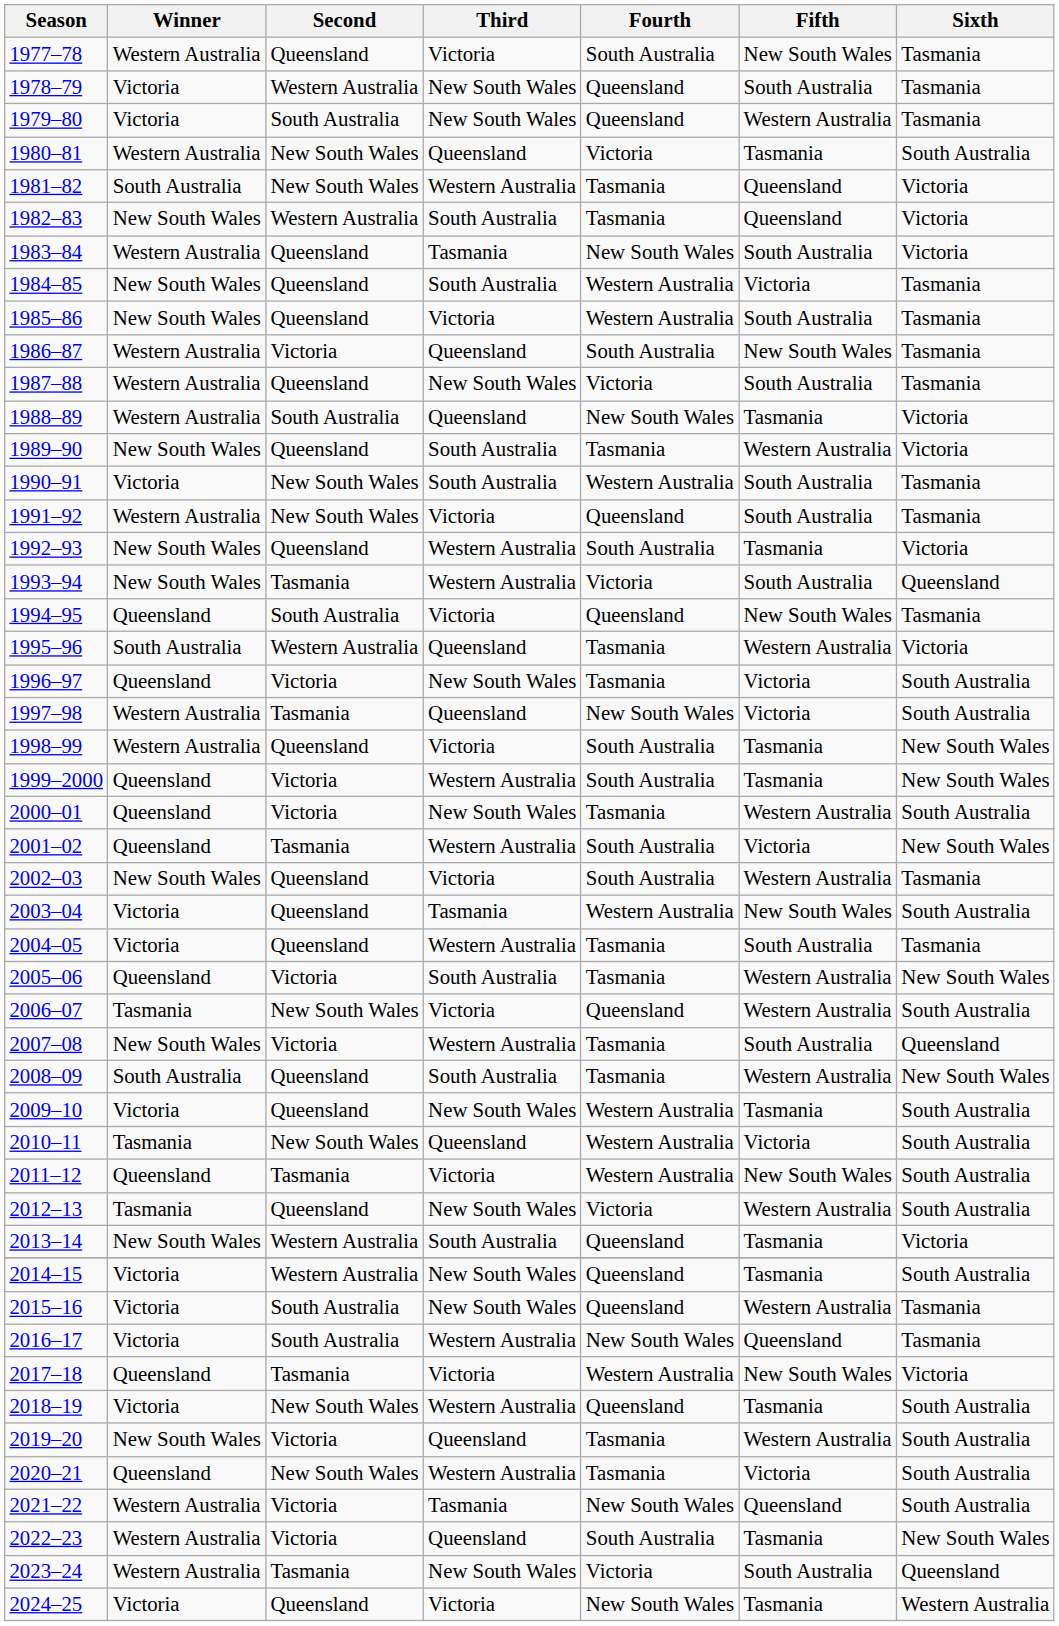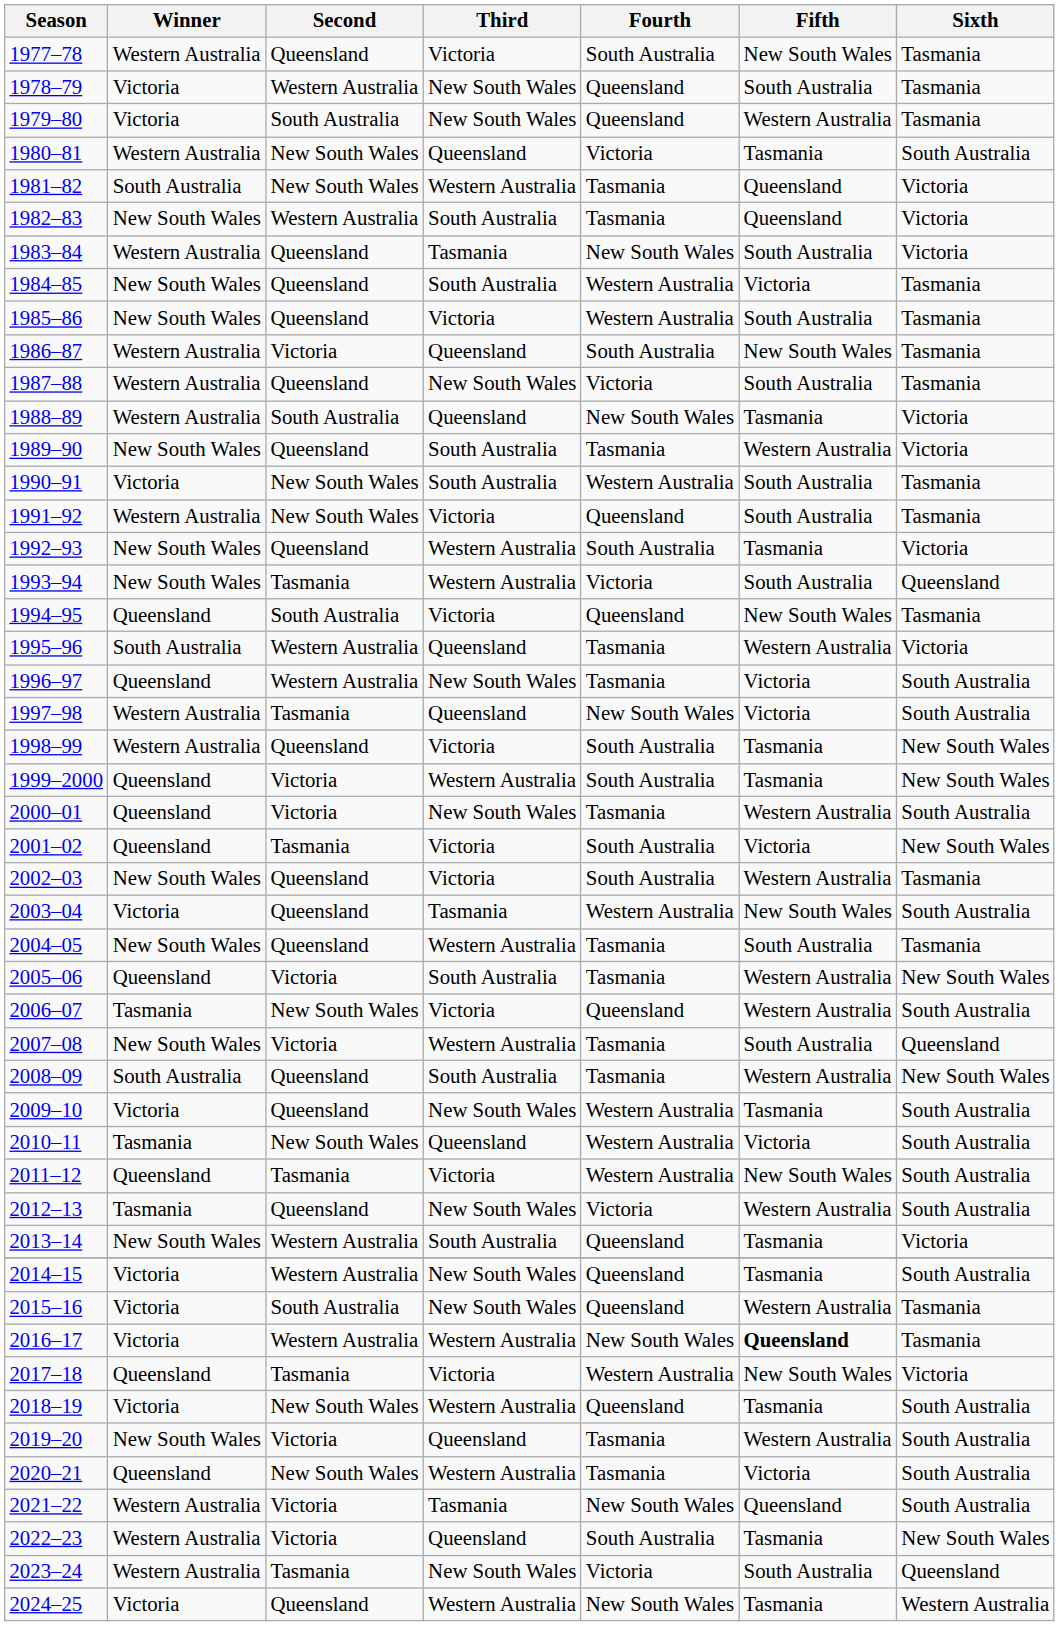 <table class="wikitable">
 <tr style="background:#efefef;">
 <th>Season</th>
 <th>Winner</th>
 <th>Second</th>
 <th>Third</th>
 <th>Fourth</th>
 <th>Fifth</th>
 <th>Sixth</th>
 </tr>
 <tr>
 <td><a href='#'>1977–78</a></td>
 <td style="background-color:#">Western Australia</td>
 <td style="background-color:#">Queensland</td>
 <td style="background-color:#">Victoria</td>
 <td style="background-color:#">South Australia</td>
 <td style="background-color:#">New South Wales</td>
 <td style="background-color:#">Tasmania</td>
 </tr>
 <tr>
 <td><a href='#'>1978–79</a></td>
 <td style="background-color:#">Victoria</td>
 <td style="background-color:#">Western Australia</td>
 <td style="background-color:#">New South Wales</td>
 <td style="background-color:#">Queensland</td>
 <td style="background-color:#">South Australia</td>
 <td style="background-color:#">Tasmania</td>
 </tr>
 <tr>
 <td><a href='#'>1979–80</a></td>
 <td style="background-color:#">Victoria</td>
 <td style="background-color:#">South Australia</td>
 <td style="background-color:#">New South Wales</td>
 <td style="background-color:#">Queensland</td>
 <td style="background-color:#">Western Australia</td>
 <td style="background-color:#">Tasmania</td>
 </tr>
 <tr>
 <td><a href='#'>1980–81</a></td>
 <td style="background-color:#">Western Australia</td>
 <td style="background-color:#">New South Wales</td>
 <td style="background-color:#">Queensland</td>
 <td style="background-color:#">Victoria</td>
 <td style="background-color:#">Tasmania</td>
 <td style="background-color:#">South Australia</td>
 </tr>
 <tr>
 <td><a href='#'>1981–82</a></td>
 <td style="background-color:#">South Australia</td>
 <td style="background-color:#">New South Wales</td>
 <td style="background-color:#">Western Australia</td>
 <td style="background-color:#">Tasmania</td>
 <td style="background-color:#">Queensland</td>
 <td style="background-color:#">Victoria</td>
 </tr>
 <tr>
 <td><a href='#'>1982–83</a></td>
 <td style="background-color:#">New South Wales</td>
 <td style="background-color:#">Western Australia</td>
 <td style="background-color:#">South Australia</td>
 <td style="background-color:#">Tasmania</td>
 <td style="background-color:#">Queensland</td>
 <td style="background-color:#">Victoria</td>
 </tr>
 <tr>
 <td><a href='#'>1983–84</a></td>
 <td style="background-color:#">Western Australia</td>
 <td style="background-color:#">Queensland</td>
 <td style="background-color:#">Tasmania</td>
 <td style="background-color:#">New South Wales</td>
 <td style="background-color:#">South Australia</td>
 <td style="background-color:#">Victoria</td>
 </tr>
 <tr>
 <td><a href='#'>1984–85</a></td>
 <td style="background-color:#">New South Wales</td>
 <td style="background-color:#">Queensland</td>
 <td style="background-color:#">South Australia</td>
 <td style="background-color:#">Western Australia</td>
 <td style="background-color:#">Victoria</td>
 <td style="background-color:#">Tasmania</td>
 </tr>
 <tr>
 <td><a href='#'>1985–86</a></td>
 <td style="background-color:#">New South Wales</td>
 <td style="background-color:#">Queensland</td>
 <td style="background-color:#">Victoria</td>
 <td style="background-color:#">Western Australia</td>
 <td style="background-color:#">South Australia</td>
 <td style="background-color:#">Tasmania</td>
 </tr>
 <tr>
 <td><a href='#'>1986–87</a></td>
 <td style="background-color:#">Western Australia</td>
 <td style="background-color:#">Victoria</td>
 <td style="background-color:#">Queensland</td>
 <td style="background-color:#">South Australia</td>
 <td style="background-color:#">New South Wales</td>
 <td style="background-color:#">Tasmania</td>
 </tr>
 <tr>
 <td><a href='#'>1987–88</a></td>
 <td style="background-color:#">Western Australia</td>
 <td style="background-color:#">Queensland</td>
 <td style="background-color:#">New South Wales</td>
 <td style="background-color:#">Victoria</td>
 <td style="background-color:#">South Australia</td>
 <td style="background-color:#">Tasmania</td>
 </tr>
 <tr>
 <td><a href='#'>1988–89</a></td>
 <td style="background-color:#">Western Australia</td>
 <td style="background-color:#">South Australia</td>
 <td style="background-color:#">Queensland</td>
 <td style="background-color:#">New South Wales</td>
 <td style="background-color:#">Tasmania</td>
 <td style="background-color:#">Victoria</td>
 </tr>
 <tr>
 <td><a href='#'>1989–90</a></td>
 <td style="background-color:#">New South Wales</td>
 <td style="background-color:#">Queensland</td>
 <td style="background-color:#">South Australia</td>
 <td style="background-color:#">Tasmania</td>
 <td style="background-color:#">Western Australia</td>
 <td style="background-color:#">Victoria</td>
 </tr>
 <tr>
 <td><a href='#'>1990–91</a></td>
 <td style="background-color:#">Victoria</td>
 <td style="background-color:#">New South Wales</td>
 <td style="background-color:#">South Australia</td>
 <td style="background-color:#">Western Australia</td>
 <td style="background-color:#">South Australia</td>
 <td style="background-color:#">Tasmania</td>
 </tr>
 <tr>
 <td><a href='#'>1991–92</a></td>
 <td style="background-color:#">Western Australia</td>
 <td style="background-color:#">New South Wales</td>
 <td style="background-color:#">Victoria</td>
 <td style="background-color:#">Queensland</td>
 <td style="background-color:#">South Australia</td>
 <td style="background-color:#">Tasmania</td>
 </tr>
 <tr>
 <td><a href='#'>1992–93</a></td>
 <td style="background-color:#">New South Wales</td>
 <td style="background-color:#">Queensland</td>
 <td style="background-color:#">Western Australia</td>
 <td style="background-color:#">South Australia</td>
 <td style="background-color:#">Tasmania</td>
 <td style="background-color:#">Victoria</td>
 </tr>
 <tr>
 <td><a href='#'>1993–94</a></td>
 <td style="background-color:#">New South Wales</td>
 <td style="background-color:#">Tasmania</td>
 <td style="background-color:#">Western Australia</td>
 <td style="background-color:#">Victoria</td>
 <td style="background-color:#">South Australia</td>
 <td style="background-color:#">Queensland</td>
 </tr>
 <tr>
 <td><a href='#'>1994–95</a></td>
 <td style="background-color:#">Queensland</td>
 <td style="background-color:#">South Australia</td>
 <td style="background-color:#">Victoria</td>
 <td style="background-color:#">Queensland</td>
 <td style="background-color:#">New South Wales</td>
 <td style="background-color:#">Tasmania</td>
 </tr>
 <tr>
 <td><a href='#'>1995–96</a></td>
 <td style="background-color:#">South Australia</td>
 <td style="background-color:#">Western Australia</td>
 <td style="background-color:#">Queensland</td>
 <td style="background-color:#">Tasmania</td>
 <td style="background-color:#">Western Australia</td>
 <td style="background-color:#">Victoria</td>
 </tr>
 <tr>
 <td><a href='#'>1996–97</a></td>
 <td style="background-color:#">Queensland</td>
-<td style="background-color:#">Victoria</td>
+<td style="background-color:#">Western Australia</td>
 <td style="background-color:#">New South Wales</td>
 <td style="background-color:#">Tasmania</td>
 <td style="background-color:#">Victoria</td>
 <td style="background-color:#">South Australia</td>
 </tr>
 <tr>
 <td><a href='#'>1997–98</a></td>
 <td style="background-color:#">Western Australia</td>
 <td style="background-color:#">Tasmania</td>
 <td style="background-color:#">Queensland</td>
 <td style="background-color:#">New South Wales</td>
 <td style="background-color:#">Victoria</td>
 <td style="background-color:#">South Australia</td>
 </tr>
 <tr>
 <td><a href='#'>1998–99</a></td>
 <td style="background-color:#">Western Australia</td>
 <td style="background-color:#">Queensland</td>
 <td style="background-color:#">Victoria</td>
 <td style="background-color:#">South Australia</td>
 <td style="background-color:#">Tasmania</td>
 <td style="background-color:#">New South Wales</td>
 </tr>
 <tr>
 <td><a href='#'>1999–2000</a></td>
 <td style="background-color:#">Queensland</td>
 <td style="background-color:#">Victoria</td>
 <td style="background-color:#">Western Australia</td>
 <td style="background-color:#">South Australia</td>
 <td style="background-color:#">Tasmania</td>
 <td style="background-color:#">New South Wales</td>
 </tr>
 <tr>
 <td><a href='#'>2000–01</a></td>
 <td style="background-color:#">Queensland</td>
 <td style="background-color:#">Victoria</td>
 <td style="background-color:#">New South Wales</td>
 <td style="background-color:#">Tasmania</td>
 <td style="background-color:#">Western Australia</td>
 <td style="background-color:#">South Australia</td>
 </tr>
 <tr>
 <td><a href='#'>2001–02</a></td>
 <td style="background-color:#">Queensland</td>
 <td style="background-color:#">Tasmania</td>
-<td style="background-color:#">Western Australia</td>
+<td style="background-color:#">Victoria</td>
 <td style="background-color:#">South Australia</td>
 <td style="background-color:#">Victoria</td>
 <td style="background-color:#">New South Wales</td>
 </tr>
 <tr>
 <td><a href='#'>2002–03</a></td>
 <td style="background-color:#">New South Wales</td>
 <td style="background-color:#">Queensland</td>
 <td style="background-color:#">Victoria</td>
 <td style="background-color:#">South Australia</td>
 <td style="background-color:#">Western Australia</td>
 <td style="background-color:#">Tasmania</td>
 </tr>
 <tr>
 <td><a href='#'>2003–04</a></td>
 <td style="background-color:#">Victoria</td>
 <td style="background-color:#">Queensland</td>
 <td style="background-color:#">Tasmania</td>
 <td style="background-color:#">Western Australia</td>
 <td style="background-color:#">New South Wales</td>
 <td style="background-color:#">South Australia</td>
 </tr>
 <tr>
 <td><a href='#'>2004–05</a></td>
-<td style="background-color:#">Victoria</td>
+<td style="background-color:#">New South Wales</td>
 <td style="background-color:#">Queensland</td>
 <td style="background-color:#">Western Australia</td>
 <td style="background-color:#">Tasmania</td>
 <td style="background-color:#">South Australia</td>
 <td style="background-color:#">Tasmania</td>
 </tr>
 <tr>
 <td><a href='#'>2005–06</a></td>
 <td style="background-color:#">Queensland</td>
 <td style="background-color:#">Victoria</td>
 <td style="background-color:#">South Australia</td>
 <td style="background-color:#">Tasmania</td>
 <td style="background-color:#">Western Australia</td>
 <td style="background-color:#">New South Wales</td>
 </tr>
 <tr>
 <td><a href='#'>2006–07</a></td>
 <td style="background-color:#">Tasmania</td>
 <td style="background-color:#">New South Wales</td>
 <td style="background-color:#">Victoria</td>
 <td style="background-color:#">Queensland</td>
 <td style="background-color:#">Western Australia</td>
 <td style="background-color:#">South Australia</td>
 </tr>
 <tr>
 <td><a href='#'>2007–08</a></td>
 <td style="background-color:#">New South Wales</td>
 <td style="background-color:#">Victoria</td>
 <td style="background-color:#">Western Australia</td>
 <td style="background-color:#">Tasmania</td>
 <td style="background-color:#">South Australia</td>
 <td style="background-color:#">Queensland</td>
 </tr>
 <tr>
 <td><a href='#'>2008–09</a></td>
 <td style="background-color:#">South Australia</td>
 <td style="background-color:#">Queensland</td>
 <td style="background-color:#">South Australia</td>
 <td style="background-color:#">Tasmania</td>
 <td style="background-color:#">Western Australia</td>
 <td style="background-color:#">New South Wales</td>
 </tr>
 <tr>
 <td><a href='#'>2009–10</a></td>
 <td style="background-color:#">Victoria</td>
 <td style="background-color:#">Queensland</td>
 <td style="background-color:#">New South Wales</td>
 <td style="background-color:#">Western Australia</td>
 <td style="background-color:#">Tasmania</td>
 <td style="background-color:#">South Australia</td>
 </tr>
 <tr>
 <td><a href='#'>2010–11</a></td>
 <td style="background-color:#">Tasmania</td>
 <td style="background-color:#">New South Wales</td>
 <td style="background-color:#">Queensland</td>
 <td style="background-color:#">Western Australia</td>
 <td style="background-color:#">Victoria</td>
 <td style="background-color:#">South Australia</td>
 </tr>
 <tr>
 <td><a href='#'>2011–12</a></td>
 <td style="background-color:#">Queensland</td>
 <td style="background-color:#">Tasmania</td>
 <td style="background-color:#">Victoria</td>
 <td style="background-color:#">Western Australia</td>
 <td style="background-color:#">New South Wales</td>
 <td style="background-color:#">South Australia</td>
 </tr>
 <tr>
 <td><a href='#'>2012–13</a></td>
 <td style="background-color:#">Tasmania</td>
 <td style="background-color:#">Queensland</td>
 <td style="background-color:#">New South Wales</td>
 <td style="background-color:#">Victoria</td>
 <td style="background-color:#">Western Australia</td>
 <td style="background-color:#">South Australia</td>
 </tr>
 <tr>
 <td><a href='#'>2013–14</a></td>
 <td style="background-color:#">New South Wales</td>
 <td style="background-color:#">Western Australia</td>
 <td style="background-color:#">South Australia</td>
 <td style="background-color:#">Queensland</td>
 <td style="background-color:#">Tasmania</td>
 <td style="background-color:#">Victoria</td>
 </tr>
 <tr>
 </tr>
 <tr>
 <td><a href='#'>2014–15</a></td>
 <td style="background-color:#">Victoria</td>
 <td style="background-color:#">Western Australia</td>
 <td style="background-color:#">New South Wales</td>
 <td style="background-color:#">Queensland</td>
 <td style="background-color:#">Tasmania</td>
 <td style="background-color:#">South Australia</td>
 </tr>
 <tr>
 <td><a href='#'>2015–16</a></td>
 <td style="background-color:#">Victoria</td>
 <td style="background-color:#">South Australia</td>
 <td style="background-color:#">New South Wales</td>
 <td style="background-color:#">Queensland</td>
 <td style="background-color:#">Western Australia</td>
 <td style="background-color:#">Tasmania</td>
 </tr>
 <tr>
 <td><a href='#'>2016–17</a></td>
 <td style="background-color:#">Victoria</td>
-<td style="background-color:#">South Australia</td>
+<td style="background-color:#">Western Australia</td>
 <td style="background-color:#">Western Australia</td>
 <td style="background-color:#">New South Wales</td>
-<td style="background-color:#">Queensland</td>
+<td style="background-color:#"><strong>Queensland</strong></td>
 <td style="background-color:#">Tasmania</td>
 </tr>
 <tr>
 <td><a href='#'>2017–18</a></td>
 <td style="background-color:#">Queensland</td>
 <td style="background-color:#">Tasmania</td>
 <td style="background-color:#">Victoria</td>
 <td style="background-color:#">Western Australia</td>
 <td style="background-color:#">New South Wales</td>
 <td style="background-color:#">Victoria</td>
 </tr>
 <tr>
 <td><a href='#'>2018–19</a></td>
 <td style="background-color:#">Victoria</td>
 <td style="background-color:#">New South Wales</td>
 <td style="background-color:#">Western Australia</td>
 <td style="background-color:#">Queensland</td>
 <td style="background-color:#">Tasmania</td>
 <td style="background-color:#">South Australia</td>
 </tr>
 <tr>
 <td><a href='#'>2019–20</a></td>
 <td style="background-color:#">New South Wales</td>
 <td style="background-color:#">Victoria</td>
 <td style="background-color:#">Queensland</td>
 <td style="background-color:#">Tasmania</td>
 <td style="background-color:#">Western Australia</td>
 <td style="background-color:#">South Australia</td>
 </tr>
 <tr>
 <td><a href='#'>2020–21</a></td>
 <td style="background-color:#">Queensland</td>
 <td style="background-color:#">New South Wales</td>
 <td style="background-color:#">Western Australia</td>
 <td style="background-color:#">Tasmania</td>
 <td style="background-color:#">Victoria</td>
 <td style="background-color:#">South Australia</td>
 </tr>
 <tr>
 <td><a href='#'>2021–22</a></td>
 <td style="background-color:#">Western Australia</td>
 <td style="background-color:#">Victoria</td>
 <td style="background-color:#">Tasmania</td>
 <td style="background-color:#">New South Wales</td>
 <td style="background-color:#">Queensland</td>
 <td style="background-color:#">South Australia</td>
 </tr>
 <tr>
 <td><a href='#'>2022–23</a></td>
 <td style="background-color:#">Western Australia</td>
 <td style="background-color:#">Victoria</td>
 <td style="background-color:#">Queensland</td>
 <td style="background-color:#">South Australia</td>
 <td style="background-color:#">Tasmania</td>
 <td style="background-color:#">New South Wales</td>
 </tr>
 <tr>
 <td><a href='#'>2023–24</a></td>
 <td style="background-color:#">Western Australia</td>
 <td style="background-color:#">Tasmania</td>
 <td style="background-color:#">New South Wales</td>
 <td style="background-color:#">Victoria</td>
 <td style="background-color:#">South Australia</td>
 <td style="background-color:#">Queensland</td>
 </tr>
 <tr>
 <td><a href='#'>2024–25</a></td>
 <td style="background-color:#">Victoria</td>
 <td style="background-color:#">Queensland</td>
-<td style="background-color:#">Victoria</td>
+<td style="background-color:#">Western Australia</td>
 <td style="background-color:#">New South Wales</td>
 <td style="background-color:#">Tasmania</td>
 <td style="background-color:#">Western Australia</td>
 </tr>
 </table>
